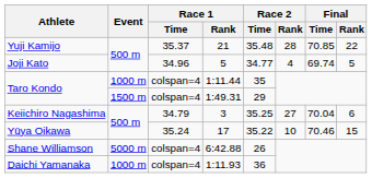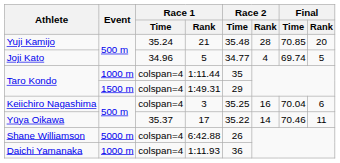 <table class="wikitable" style="font-size:90%">
 <tr>
 <th rowspan=2>Athlete</th>
 <th rowspan=2>Event</th>
 <th colspan=2>Race 1</th>
 <th colspan=2>Race 2</th>
 <th colspan=2>Final</th>
 </tr>
 <tr style="font-size:95%">
 <th>Time</th>
 <th>Rank</th>
 <th>Time</th>
 <th>Rank</th>
 <th>Time</th>
 <th>Rank</th>
 </tr>
 <tr align=center>
 <td align=left><a href='#'>Yuji Kamijo</a></td>
 <td align=left rowspan=2><a href='#'>500 m</a></td>
-<td>35.37</td>
+<td>35.24</td>
 <td>21</td>
 <td>35.48</td>
 <td>28</td>
 <td>70.85</td>
-<td>22</td>
+<td>20</td>
 </tr>
 <tr align=center>
 <td align=left><a href='#'>Joji Kato</a></td>
 <td>34.96</td>
 <td>5</td>
 <td>34.77</td>
 <td>4</td>
 <td>69.74</td>
 <td>5</td>
 </tr>
 <tr align=center>
 <td align=left rowspan=2><a href='#'>Taro Kondo</a></td>
 <td align=left><a href='#'>1000 m</a></td>
 <td>colspan=4 </td>
 <td>1:11.44</td>
 <td>35</td>
 </tr>
 <tr align=center>
 <td align=left><a href='#'>1500 m</a></td>
 <td>colspan=4 </td>
 <td>1:49.31</td>
 <td>29</td>
 </tr>
 <tr align=center>
 <td align=left><a href='#'>Keiichiro Nagashima</a></td>
 <td align=left rowspan=2><a href='#'>500 m</a></td>
-<td>34.79</td>
+<td>colspan=4 </td>
 <td>3</td>
 <td>35.25</td>
-<td>27</td>
+<td>16</td>
 <td>70.04</td>
 <td>6</td>
 </tr>
 <tr align=center>
 <td align=left><a href='#'>Yūya Oikawa</a></td>
-<td>35.24</td>
+<td>35.37</td>
 <td>17</td>
 <td>35.22</td>
-<td>10</td>
+<td>14</td>
 <td>70.46</td>
-<td>15</td>
+<td>11</td>
 </tr>
 <tr align=center>
 <td align=left><a href='#'>Shane Williamson</a></td>
 <td align=left><a href='#'>5000 m</a></td>
 <td>colspan=4 </td>
 <td>6:42.88</td>
 <td>26</td>
 </tr>
 <tr align=center>
 <td align=left><a href='#'>Daichi Yamanaka</a></td>
 <td align=left><a href='#'>1000 m</a></td>
 <td>colspan=4 </td>
 <td>1:11.93</td>
 <td>36</td>
 </tr>
 </table>
